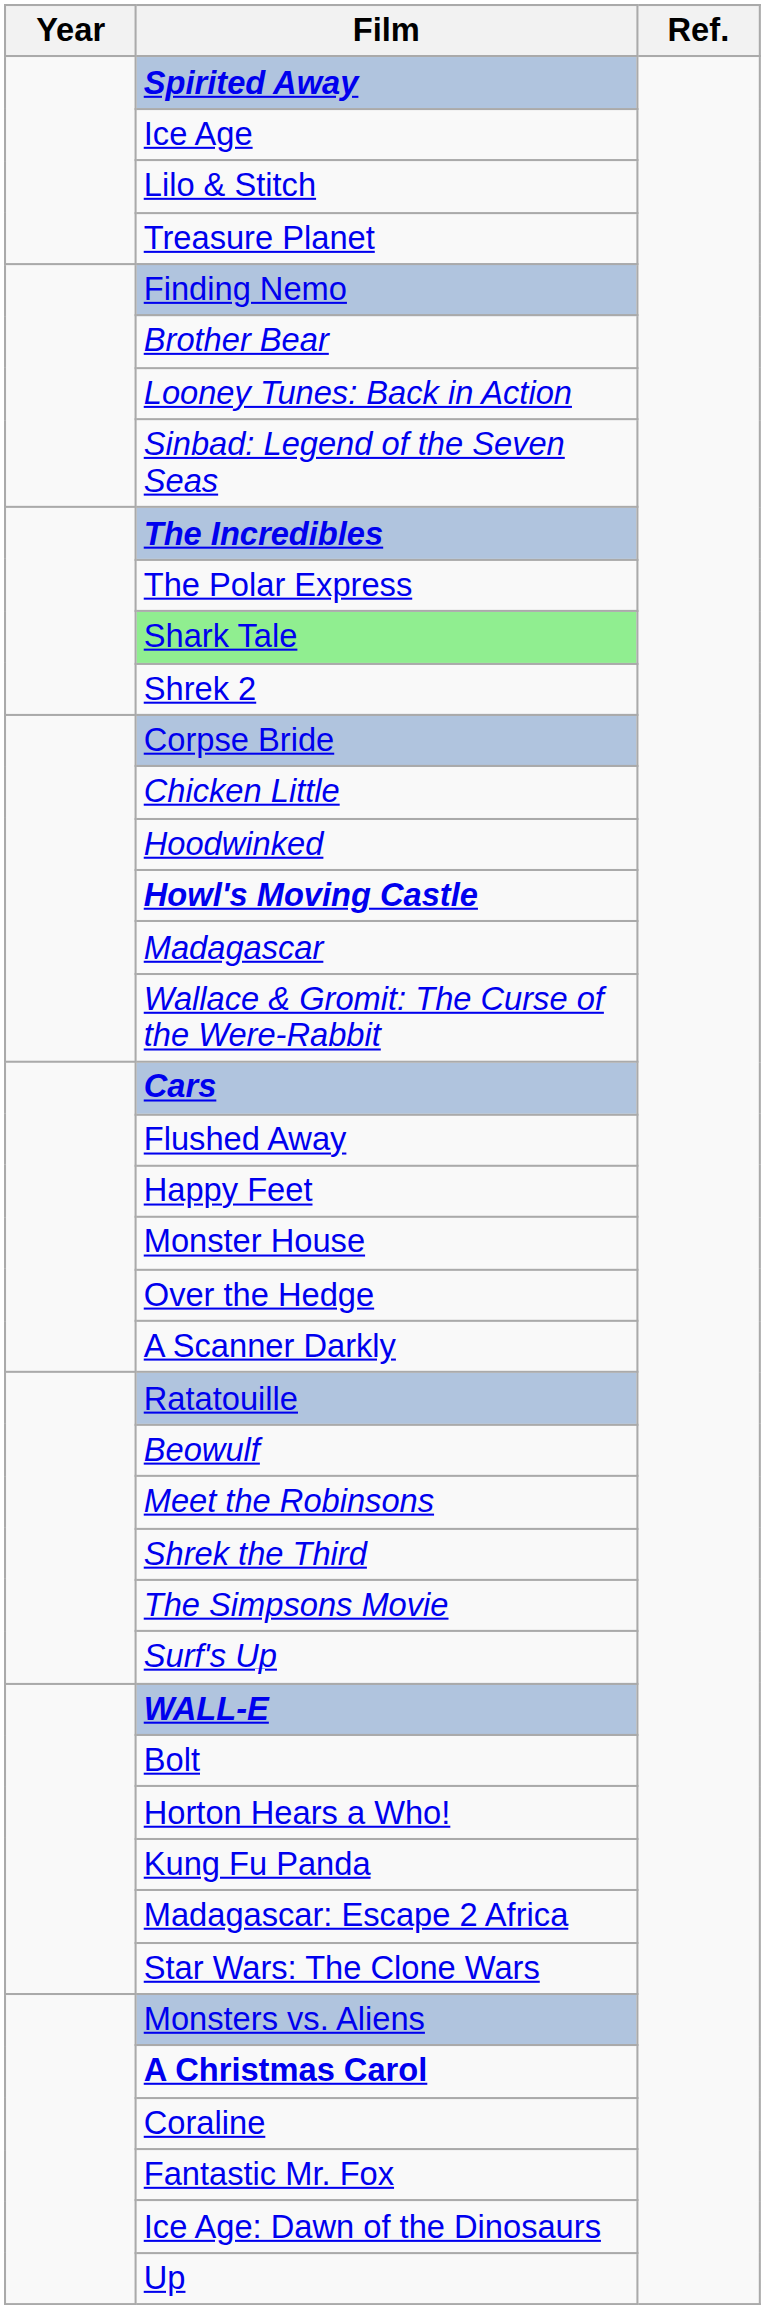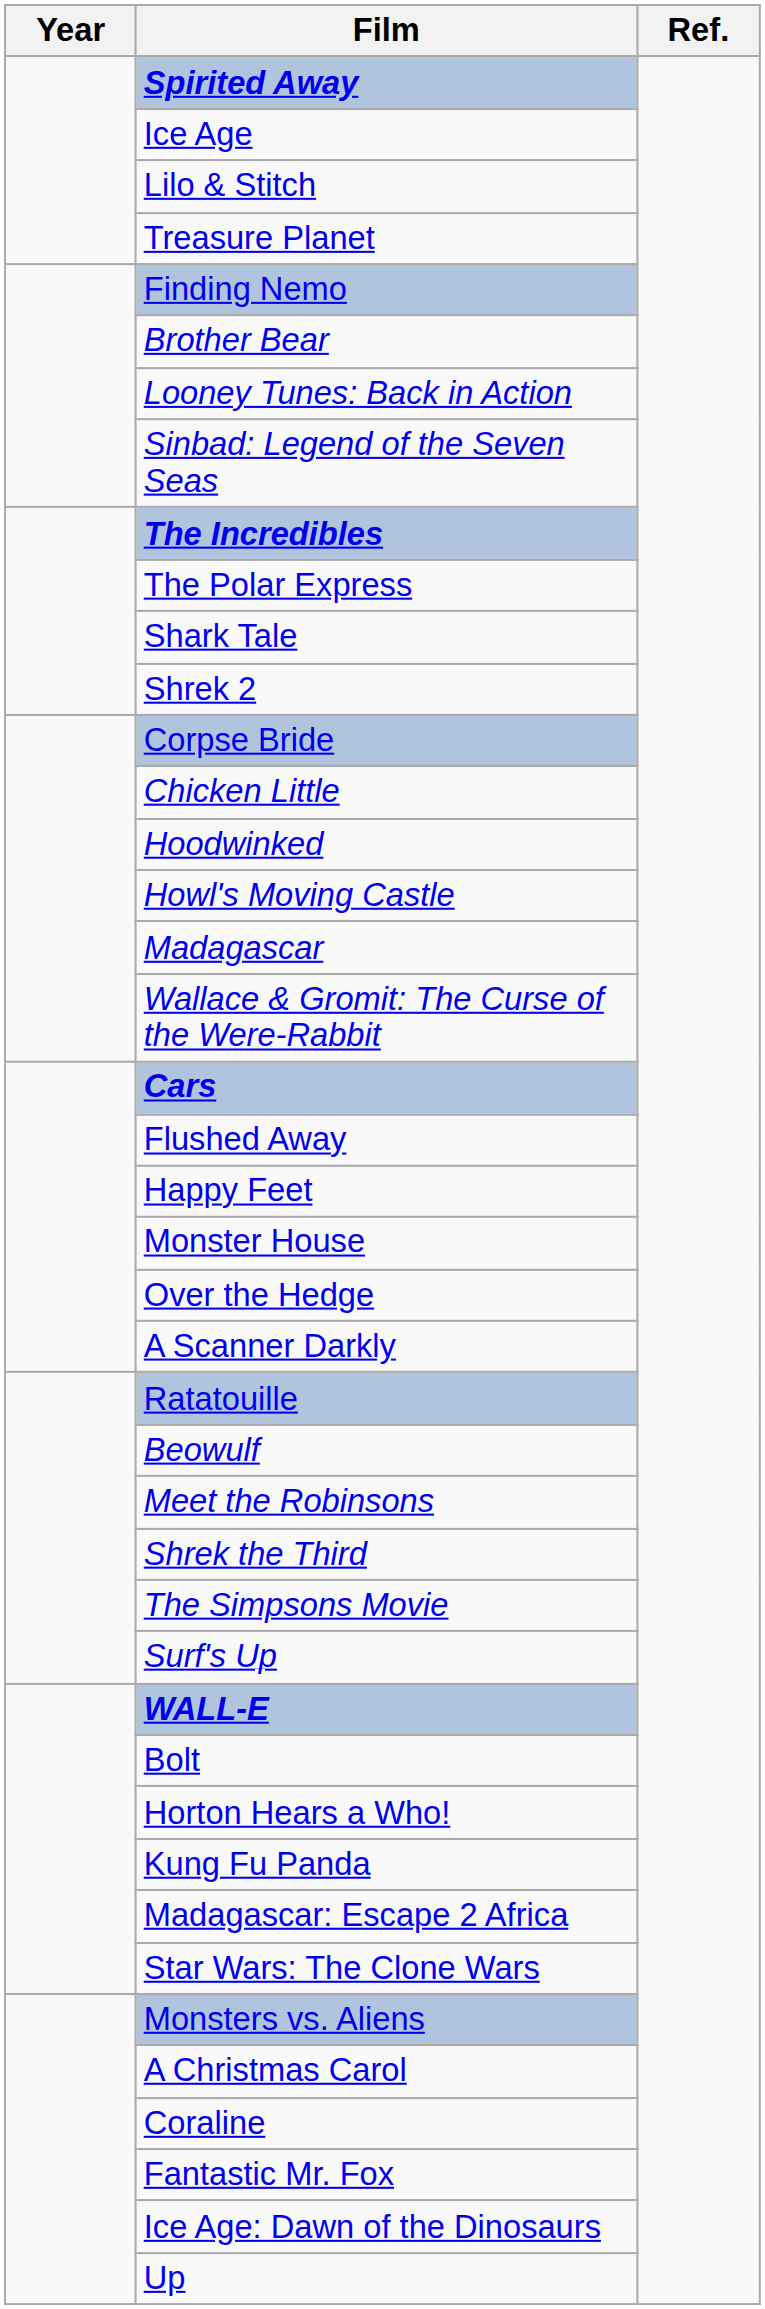 <table class="wikitable" border="1" width="42%">
 <tr>
 <th width=7%>Year</th>
 <th width=35%>Film</th>
 <th width=7%>Ref.</th>
 </tr>
 <tr>
 <td rowspan=4></td>
 <td style="background:#B0C4DE;"><strong><em><a href='#'>Spirited Away</a><em> <strong></td>
 </tr>
 <tr>
 <td></em><a href='#'>Ice Age</a><em></td>
 </tr>
 <tr>
 <td></em><a href='#'>Lilo & Stitch</a><em></td>
 </tr>
 <tr>
 <td></em><a href='#'>Treasure Planet</a><em></td>
 </tr>
 <tr>
 <td rowspan=4></td>
 <td style="background:#B0C4DE;"></em></strong><a href='#'>Finding Nemo</a></em> </strong></td>
 </tr>
 <tr>
 <td><em><a href='#'>Brother Bear</a></em></td>
 </tr>
 <tr>
 <td><em><a href='#'>Looney Tunes: Back in Action</a></em></td>
 </tr>
 <tr>
 <td><em><a href='#'>Sinbad: Legend of the Seven Seas</a></em></td>
 </tr>
 <tr>
 <td rowspan=4></td>
 <td style="background:#B0C4DE;"><strong><em><a href='#'>The Incredibles</a><em> <strong></td>
 </tr>
 <tr>
 <td></em><a href='#'>The Polar Express</a><em></td>
 </tr>
 <tr>
-<td style="background: lightgreen;"></em><a href='#'>Shark Tale</a><em></td>
+<td></em><a href='#'>Shark Tale</a><em></td>
 </tr>
 <tr>
 <td></em><a href='#'>Shrek 2</a><em></td>
 </tr>
 <tr>
 <td rowspan=6></td>
 <td style="background:#B0C4DE;"></em></strong><a href='#'>Corpse Bride</a></em> </strong></td>
 </tr>
 <tr>
 <td><em><a href='#'>Chicken Little</a></em></td>
 </tr>
 <tr>
 <td><em><a href='#'>Hoodwinked</a></em></td>
 </tr>
 <tr>
-<td><strong><em><a href='#'>Howl's Moving Castle</a></em></strong></td>
+<td><em><a href='#'>Howl's Moving Castle</a></em></td>
 </tr>
 <tr>
 <td><em><a href='#'>Madagascar</a></em></td>
 </tr>
 <tr>
 <td><em><a href='#'>Wallace & Gromit: The Curse of the Were-Rabbit</a></em></td>
 </tr>
 <tr>
 <td rowspan=6></td>
 <td style="background:#B0C4DE;"><strong><em><a href='#'>Cars</a><em> <strong></td>
 </tr>
 <tr>
 <td></em><a href='#'>Flushed Away</a><em></td>
 </tr>
 <tr>
 <td></em><a href='#'>Happy Feet</a><em></td>
 </tr>
 <tr>
 <td></em><a href='#'>Monster House</a><em></td>
 </tr>
 <tr>
 <td></em><a href='#'>Over the Hedge</a><em></td>
 </tr>
 <tr>
 <td></em><a href='#'>A Scanner Darkly</a><em></td>
 </tr>
 <tr>
 <td rowspan=6></td>
 <td style="background:#B0C4DE;"></em></strong><a href='#'>Ratatouille</a></em> </strong></td>
 </tr>
 <tr>
 <td><em><a href='#'>Beowulf</a></em></td>
 </tr>
 <tr>
 <td><em><a href='#'>Meet the Robinsons</a></em></td>
 </tr>
 <tr>
 <td><em><a href='#'>Shrek the Third</a></em></td>
 </tr>
 <tr>
 <td><em><a href='#'>The Simpsons Movie</a></em></td>
 </tr>
 <tr>
 <td><em><a href='#'>Surf's Up</a></em></td>
 </tr>
 <tr>
 <td rowspan=6></td>
 <td style="background:#B0C4DE;"><strong><em><a href='#'>WALL-E</a><em> <strong></td>
 </tr>
 <tr>
 <td></em><a href='#'>Bolt</a><em></td>
 </tr>
 <tr>
 <td></em><a href='#'>Horton Hears a Who!</a><em></td>
 </tr>
 <tr>
 <td></em><a href='#'>Kung Fu Panda</a><em></td>
 </tr>
 <tr>
 <td></em><a href='#'>Madagascar: Escape 2 Africa</a><em></td>
 </tr>
 <tr>
 <td></em><a href='#'>Star Wars: The Clone Wars</a><em></td>
 </tr>
 <tr>
 <td rowspan=6></td>
 <td style="background:#B0C4DE;"></em></strong><a href='#'>Monsters vs. Aliens</a><strong><em></td>
 </tr>
 <tr>
-<td><strong></em><a href='#'>A Christmas Carol</a><em></strong></td>
+<td></em><a href='#'>A Christmas Carol</a><em></td>
 </tr>
 <tr>
 <td></em><a href='#'>Coraline</a><em></td>
 </tr>
 <tr>
 <td></em><a href='#'>Fantastic Mr. Fox</a><em></td>
 </tr>
 <tr>
 <td></em><a href='#'>Ice Age: Dawn of the Dinosaurs</a><em></td>
 </tr>
 <tr>
 <td></em><a href='#'>Up</a><em></td>
 </tr>
 </table>
